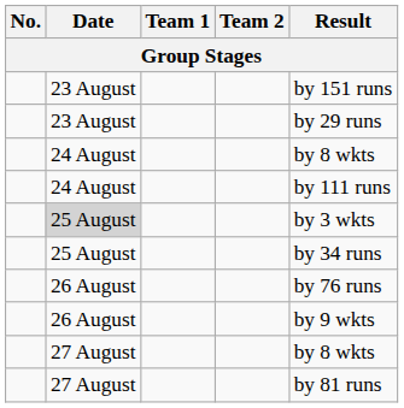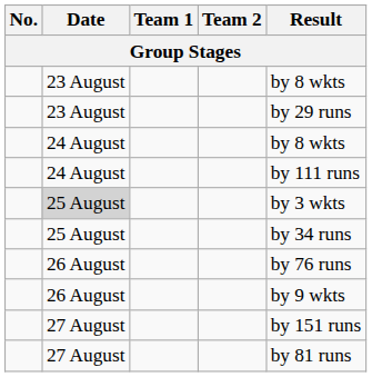 <table class="wikitable">
 <tr style="background:#efefef;">
 <th>No.</th>
 <th>Date</th>
 <th>Team 1</th>
 <th>Team 2</th>
 <th>Result</th>
 </tr>
 <tr>
 <th colspan="7">Group Stages</th>
 </tr>
 <tr>
 <td> </td>
 <td>23 August</td>
 <td></td>
 <td></td>
-<td> by 151 runs</td>
+<td> by 8 wkts</td>
 </tr>
 <tr>
 <td> </td>
 <td>23 August</td>
 <td></td>
 <td></td>
 <td> by 29 runs</td>
 </tr>
 <tr>
 <td> </td>
 <td>24 August</td>
 <td></td>
 <td></td>
 <td> by 8 wkts</td>
 </tr>
 <tr>
 <td> </td>
 <td>24 August</td>
 <td></td>
 <td></td>
 <td> by 111 runs</td>
 </tr>
 <tr>
 <td> </td>
 <td style="background: lightgrey;">25 August</td>
 <td></td>
 <td></td>
 <td> by 3 wkts</td>
 </tr>
 <tr>
 <td> </td>
 <td>25 August</td>
 <td></td>
 <td></td>
 <td> by 34 runs</td>
 </tr>
 <tr>
 <td> </td>
 <td>26 August</td>
 <td></td>
 <td></td>
 <td> by 76 runs</td>
 </tr>
 <tr>
 <td> </td>
 <td>26 August</td>
 <td></td>
 <td></td>
 <td> by 9 wkts</td>
 </tr>
 <tr>
 <td> </td>
 <td>27 August</td>
 <td></td>
 <td></td>
-<td> by 8 wkts</td>
+<td> by 151 runs</td>
 </tr>
 <tr>
 <td> </td>
 <td>27 August</td>
 <td></td>
 <td></td>
 <td> by 81 runs</td>
 </tr>
 </table>
